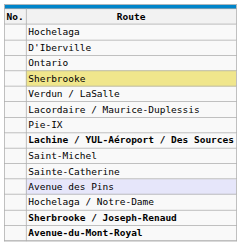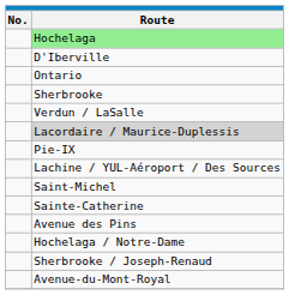 <table align=center class="wikitable">
 <tr>
 <th style="background: #0085CA; font-size:100%; color:#FFFFFF;"colspan="4"><a href='#'></a></th>
 </tr>
 <tr>
 <th>No.</th>
 <th>Route</th>
 </tr>
 <tr>
 <td></td>
-<td>Hochelaga</td>
+<td style="background: lightgreen;">Hochelaga</td>
 </tr>
 <tr>
 <td></td>
 <td>D'Iberville</td>
 </tr>
 <tr>
 <td></td>
 <td>Ontario</td>
 </tr>
 <tr>
 <td></td>
-<td style="background: khaki;">Sherbrooke</td>
+<td>Sherbrooke</td>
 </tr>
 <tr>
 <td {{Avoid wrap> </td>
 <td>Verdun / LaSalle</td>
 </tr>
 <tr>
 <td {{Avoid wrap> </td>
-<td>Lacordaire / Maurice-Duplessis</td>
+<td style="background: lightgrey;">Lacordaire / Maurice-Duplessis</td>
 </tr>
 <tr>
 <td {{Avoid wrap> </td>
 <td>Pie-IX</td>
 </tr>
 <tr>
 <td {{Avoid wrap> </td>
-<td><strong>Lachine / YUL-Aéroport / Des Sources</strong></td>
+<td>Lachine / YUL-Aéroport / Des Sources</td>
 </tr>
 <tr>
 <td {{Avoid wrap> </td>
 <td>Saint-Michel</td>
 </tr>
 <tr>
 <td {{Avoid wrap> </td>
 <td>Sainte-Catherine</td>
 </tr>
 <tr>
 <td {{Avoid wrap> </td>
-<td style="background: lavender;">Avenue des Pins</td>
+<td>Avenue des Pins</td>
 </tr>
 <tr>
 <td {{Avoid wrap> </td>
 <td>Hochelaga / Notre-Dame</td>
 </tr>
 <tr>
 <td {{Avoid wrap> </td>
-<td><strong>Sherbrooke / Joseph-Renaud</strong></td>
+<td>Sherbrooke / Joseph-Renaud</td>
 </tr>
 <tr>
 <td {{Avoid wrap> </td>
-<td><strong>Avenue-du-Mont-Royal</strong></td>
+<td>Avenue-du-Mont-Royal</td>
 </tr>
 <tr>
 </tr>
 </table>
